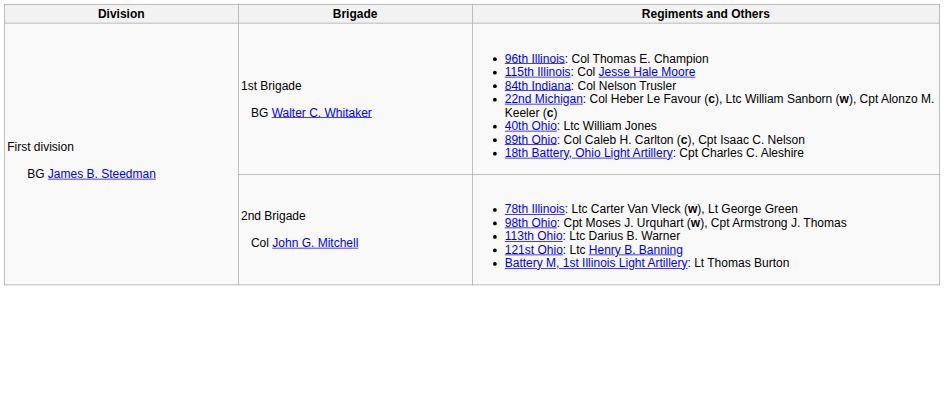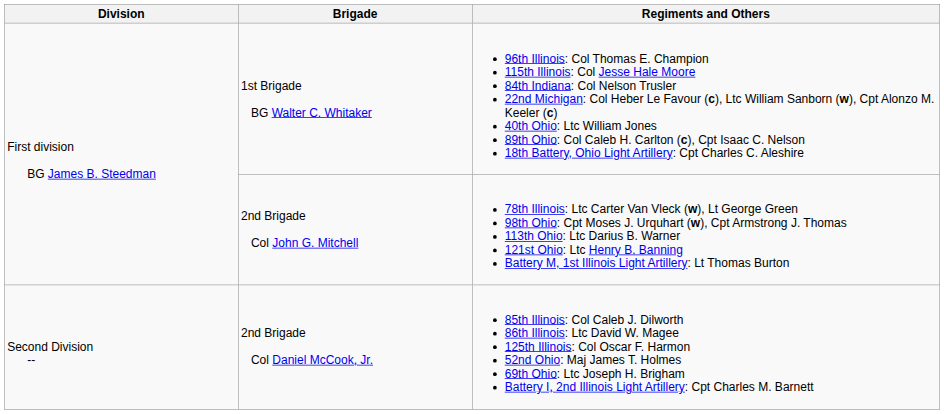 <table class="wikitable">
 <tr>
 <th width=25%>Division</th>
 <th width=25%>Brigade</th>
 <th>Regiments and Others</th>
 </tr>
 <tr>
 <td rowspan=2><br>First division<br><br>      BG <a href='#'>James B. Steedman</a></td>
 <td>1st Brigade<br><br>   BG <a href='#'>Walter C. Whitaker</a></td>
 <td><br><ul><li><a href='#'>96th Illinois</a>: Col Thomas E. Champion</li><li><a href='#'>115th Illinois</a>: Col <a href='#'>Jesse Hale Moore</a></li><li><a href='#'>84th Indiana</a>: Col Nelson Trusler</li><li><a href='#'>22nd Michigan</a>: Col Heber Le Favour (<strong>c</strong>), Ltc William Sanborn (<strong>w</strong>), Cpt Alonzo M. Keeler (<strong>c</strong>)</li><li><a href='#'>40th Ohio</a>: Ltc William Jones</li><li><a href='#'>89th Ohio</a>: Col Caleb H. Carlton (<strong>c</strong>), Cpt Isaac C. Nelson</li><li><a href='#'>18th Battery, Ohio Light Artillery</a>: Cpt Charles C. Aleshire</li></ul></td>
 </tr>
 <tr>
 <td>2nd Brigade<br><br>   Col <a href='#'>John G. Mitchell</a></td>
 <td><br><ul><li><a href='#'>78th Illinois</a>: Ltc Carter Van Vleck (<strong>w</strong>), Lt George Green</li><li><a href='#'>98th Ohio</a>: Cpt Moses J. Urquhart (<strong>w</strong>), Cpt Armstrong J. Thomas</li><li><a href='#'>113th Ohio</a>: Ltc Darius B. Warner</li><li><a href='#'>121st Ohio</a>: Ltc <a href='#'>Henry B. Banning</a></li><li><a href='#'>Battery M, 1st Illinois Light Artillery</a>: Lt Thomas Burton</li></ul></td>
 </tr>
+<tr>
+<td rowspan=1><br>Second Division <br>      --</td>
+<td>2nd Brigade<br><br>   Col <a href='#'>Daniel McCook, Jr.</a></td>
+<td><br><ul><li><a href='#'>85th Illinois</a>: Col Caleb J. Dilworth</li><li><a href='#'>86th Illinois</a>: Ltc David W. Magee</li><li><a href='#'>125th Illinois</a>: Col Oscar F. Harmon</li><li><a href='#'>52nd Ohio</a>: Maj James T. Holmes</li><li><a href='#'>69th Ohio</a>: Ltc Joseph H. Brigham</li><li><a href='#'>Battery I, 2nd Illinois Light Artillery</a>: Cpt Charles M. Barnett</li></ul></td>
+</tr>
 </table>
